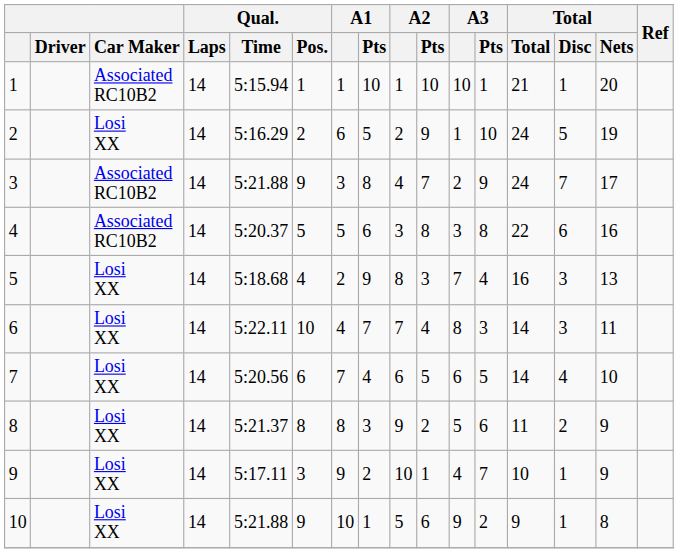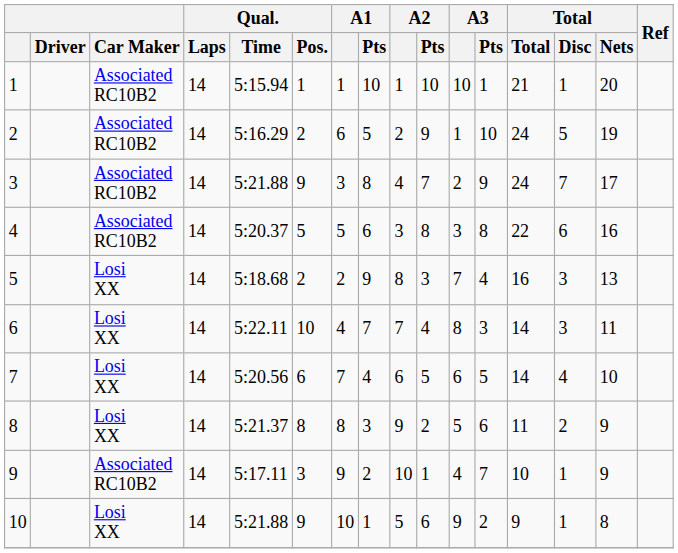 <table class="wikitable sortable">
 <tr>
 <th colspan="3"></th>
 <th colspan="3">Qual.</th>
 <th colspan="2" style="text-align:center;">A1</th>
 <th colspan="2" style="text-align:center;">A2</th>
 <th colspan="2" style="text-align:center;">A3</th>
 <th colspan="3" style="text-align:center;">Total</th>
 <th rowspan="2" style="text-align:center;">Ref</th>
 </tr>
 <tr>
 <th style="text-align:center;"></th>
 <th style="text-align:center;">Driver</th>
 <th style="text-align:center;">Car Maker</th>
 <th style="text-align:center;">Laps</th>
 <th style="text-align:center;">Time</th>
 <th style="text-align:center;">Pos.</th>
 <th style="text-align:center;"></th>
 <th style="text-align:center;">Pts</th>
 <th style="text-align:center;"></th>
 <th style="text-align:center;">Pts</th>
 <th style="text-align:center;"></th>
 <th style="text-align:center;">Pts</th>
 <th style="text-align:center;">Total</th>
 <th style="text-align:center;">Disc</th>
 <th style="text-align:center;">Nets</th>
 </tr>
 <tr>
 <td>1</td>
 <td></td>
 <td><a href='#'>Associated</a> <br> RC10B2</td>
 <td>14</td>
 <td>5:15.94</td>
 <td>1</td>
 <td>1</td>
 <td>10</td>
 <td>1</td>
 <td>10</td>
 <td>10</td>
 <td>1</td>
 <td>21</td>
 <td>1</td>
 <td>20</td>
 <td></td>
 </tr>
 <tr>
 <td>2</td>
 <td></td>
-<td><a href='#'>Losi</a> <br> XX</td>
+<td><a href='#'>Associated</a> <br> RC10B2</td>
 <td>14</td>
 <td>5:16.29</td>
 <td>2</td>
 <td>6</td>
 <td>5</td>
 <td>2</td>
 <td>9</td>
 <td>1</td>
 <td>10</td>
 <td>24</td>
 <td>5</td>
 <td>19</td>
 <td></td>
 </tr>
 <tr>
 <td>3</td>
 <td></td>
 <td><a href='#'>Associated</a> <br> RC10B2</td>
 <td>14</td>
 <td>5:21.88</td>
 <td>9</td>
 <td>3</td>
 <td>8</td>
 <td>4</td>
 <td>7</td>
 <td>2</td>
 <td>9</td>
 <td>24</td>
 <td>7</td>
 <td>17</td>
 <td></td>
 </tr>
 <tr>
 <td>4</td>
 <td></td>
 <td><a href='#'>Associated</a> <br> RC10B2</td>
 <td>14</td>
 <td>5:20.37</td>
 <td>5</td>
 <td>5</td>
 <td>6</td>
 <td>3</td>
 <td>8</td>
 <td>3</td>
 <td>8</td>
 <td>22</td>
 <td>6</td>
 <td>16</td>
 <td></td>
 </tr>
 <tr>
 <td>5</td>
 <td></td>
 <td><a href='#'>Losi</a> <br> XX</td>
 <td>14</td>
 <td>5:18.68</td>
-<td>4</td>
+<td>2</td>
 <td>2</td>
 <td>9</td>
 <td>8</td>
 <td>3</td>
 <td>7</td>
 <td>4</td>
 <td>16</td>
 <td>3</td>
 <td>13</td>
 <td></td>
 </tr>
 <tr>
 <td>6</td>
 <td></td>
 <td><a href='#'>Losi</a> <br> XX</td>
 <td>14</td>
 <td>5:22.11</td>
 <td>10</td>
 <td>4</td>
 <td>7</td>
 <td>7</td>
 <td>4</td>
 <td>8</td>
 <td>3</td>
 <td>14</td>
 <td>3</td>
 <td>11</td>
 <td></td>
 </tr>
 <tr>
 <td>7</td>
 <td></td>
 <td><a href='#'>Losi</a> <br> XX</td>
 <td>14</td>
 <td>5:20.56</td>
 <td>6</td>
 <td>7</td>
 <td>4</td>
 <td>6</td>
 <td>5</td>
 <td>6</td>
 <td>5</td>
 <td>14</td>
 <td>4</td>
 <td>10</td>
 <td></td>
 </tr>
 <tr>
 <td>8</td>
 <td></td>
 <td><a href='#'>Losi</a> <br> XX</td>
 <td>14</td>
 <td>5:21.37</td>
 <td>8</td>
 <td>8</td>
 <td>3</td>
 <td>9</td>
 <td>2</td>
 <td>5</td>
 <td>6</td>
 <td>11</td>
 <td>2</td>
 <td>9</td>
 <td></td>
 </tr>
 <tr>
 <td>9</td>
 <td></td>
-<td><a href='#'>Losi</a> <br> XX</td>
+<td><a href='#'>Associated</a> <br> RC10B2</td>
 <td>14</td>
 <td>5:17.11</td>
 <td>3</td>
 <td>9</td>
 <td>2</td>
 <td>10</td>
 <td>1</td>
 <td>4</td>
 <td>7</td>
 <td>10</td>
 <td>1</td>
 <td>9</td>
 <td></td>
 </tr>
 <tr>
 <td>10</td>
 <td></td>
 <td><a href='#'>Losi</a> <br> XX</td>
 <td>14</td>
 <td>5:21.88</td>
 <td>9</td>
 <td>10</td>
 <td>1</td>
 <td>5</td>
 <td>6</td>
 <td>9</td>
 <td>2</td>
 <td>9</td>
 <td>1</td>
 <td>8</td>
 <td></td>
 </tr>
 <tr>
 </tr>
 </table>
